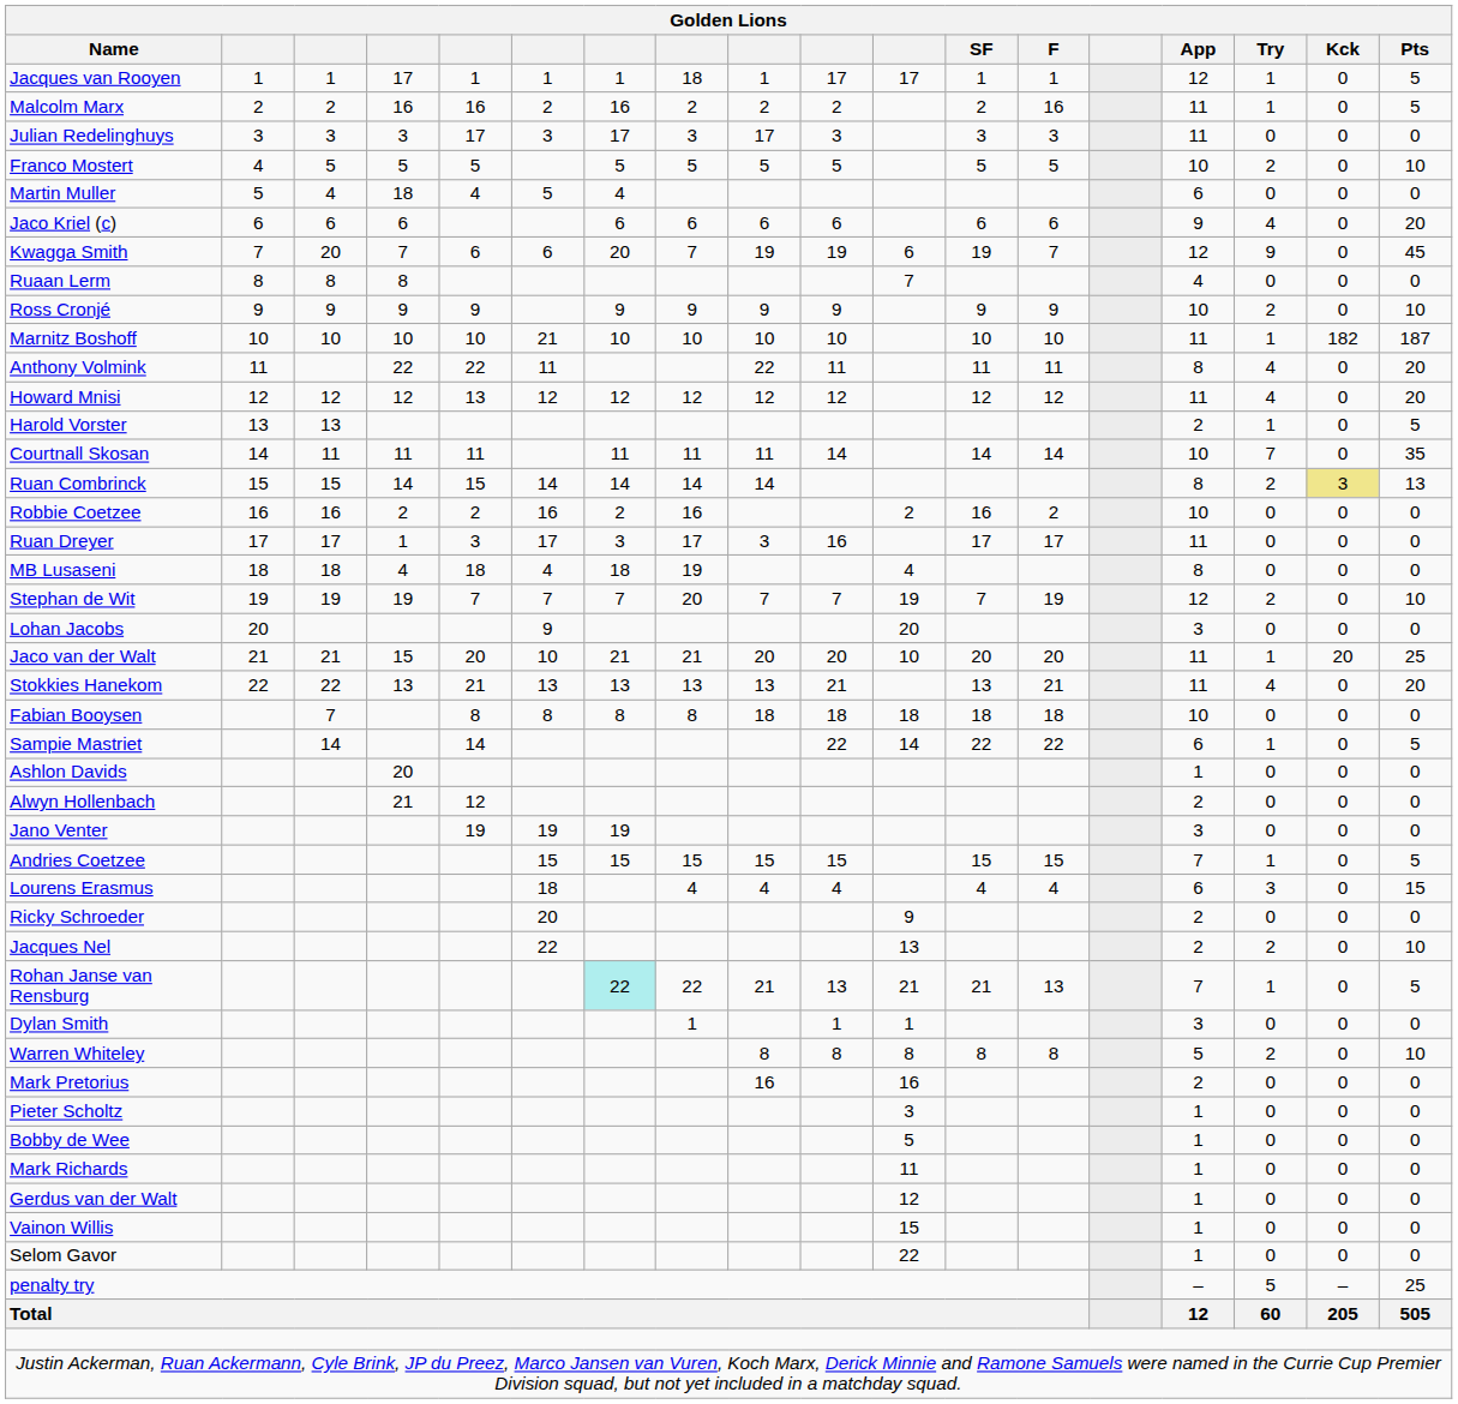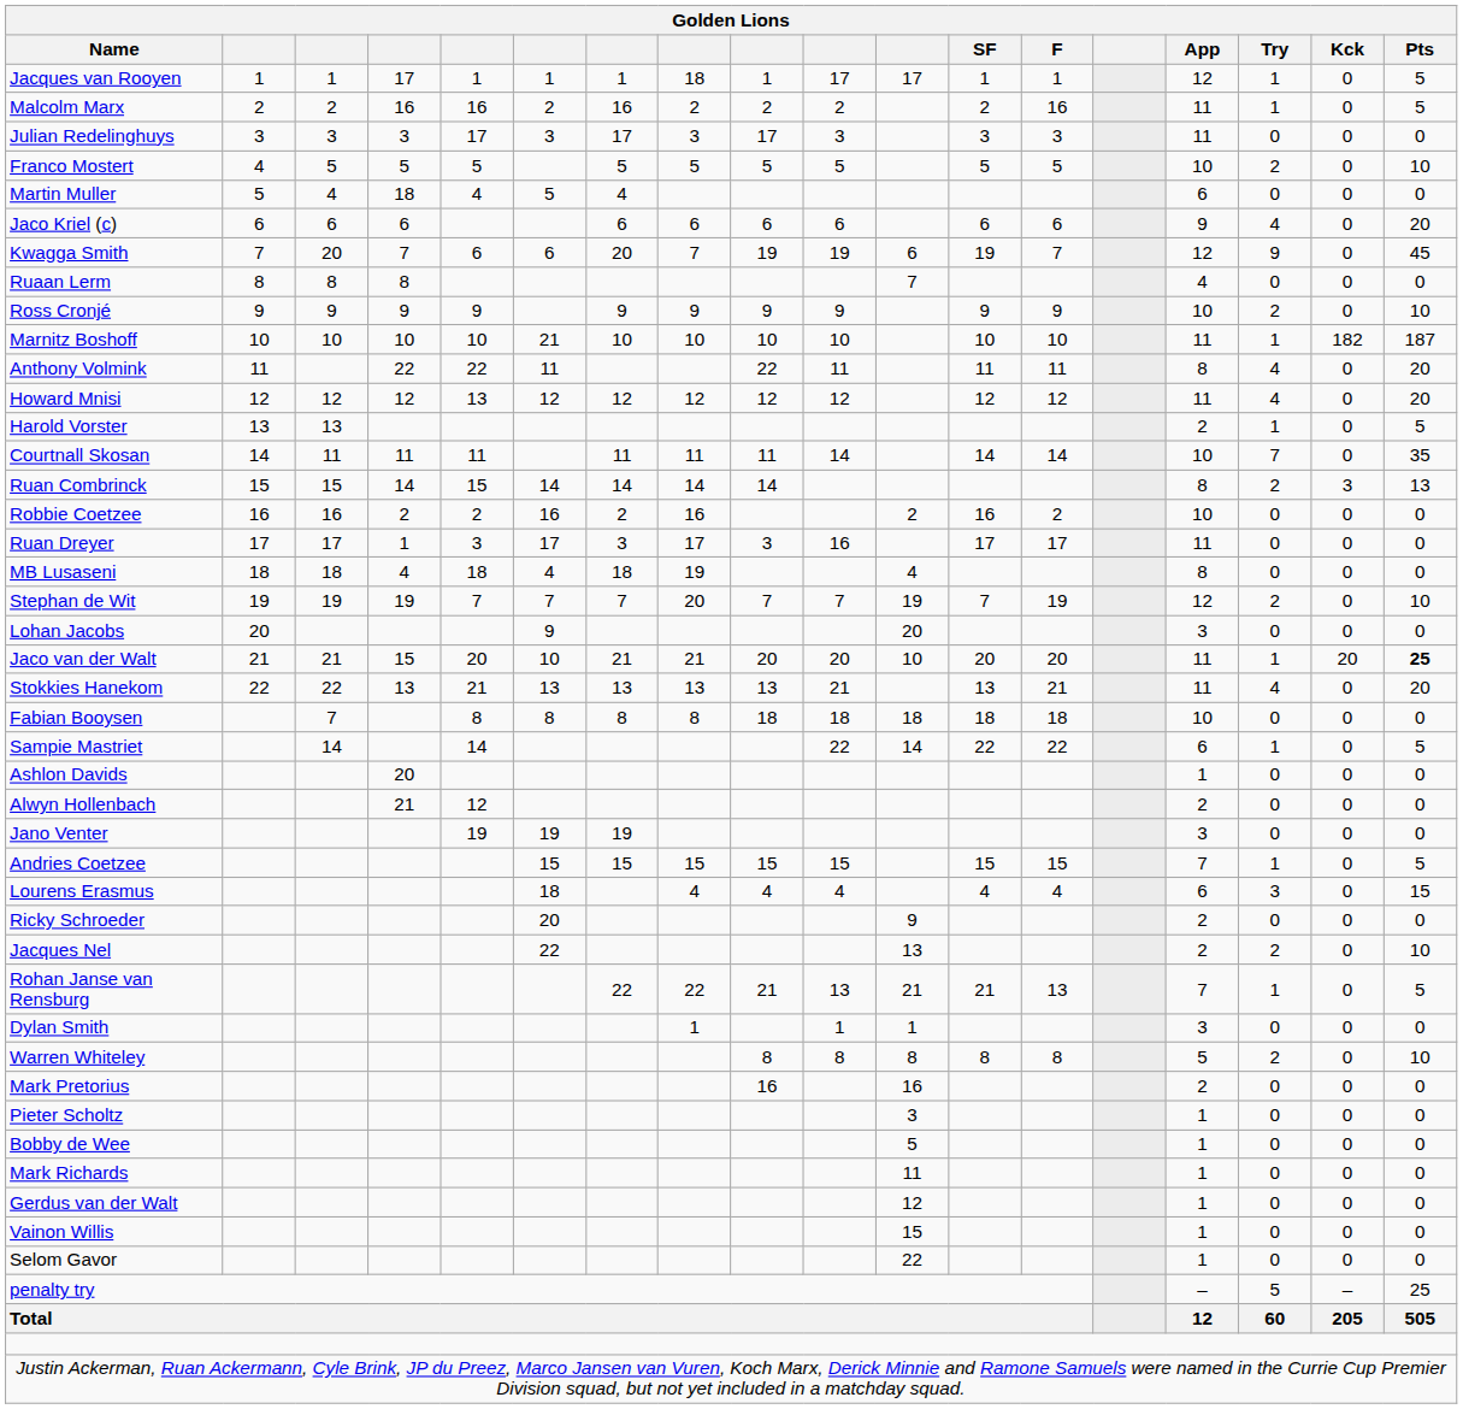 <table class="wikitable collapsible collapsed sortable" style="text-align:center; font-size:90%; width:90%">
 <tr>
 <th colspan="100%">Golden Lions</th>
 </tr>
 <tr>
 <th style="width:15%;">Name</th>
 <th style="width:5%;"></th>
 <th style="width:5%;"></th>
 <th style="width:5%;"></th>
 <th style="width:5%;"></th>
 <th style="width:5%;"></th>
 <th style="width:5%;"></th>
 <th style="width:5%;"></th>
 <th style="width:5%;"></th>
 <th style="width:5%;"></th>
 <th style="width:5%;"></th>
 <th style="width:5%;">SF</th>
 <th style="width:5%;">F</th>
 <th style="width:5%;"></th>
 <th style="width:5%;">App</th>
 <th style="width:5%;">Try</th>
 <th style="width:5%;">Kck</th>
 <th style="width:5%;">Pts</th>
 </tr>
 <tr>
 <td style="text-align:left;"><a href='#'>Jacques van Rooyen</a></td>
 <td>1</td>
 <td>1</td>
 <td>17 </td>
 <td>1</td>
 <td>1</td>
 <td>1</td>
 <td>18 </td>
 <td>1</td>
 <td>17 </td>
 <td>17 </td>
 <td>1</td>
 <td>1</td>
 <td style="background:#ECECEC;"></td>
 <td>12</td>
 <td>1</td>
 <td>0</td>
 <td>5</td>
 </tr>
 <tr>
 <td style="text-align:left;"><a href='#'>Malcolm Marx</a></td>
 <td>2</td>
 <td>2</td>
 <td>16 </td>
 <td>16 </td>
 <td>2</td>
 <td>16 </td>
 <td>2</td>
 <td>2</td>
 <td>2</td>
 <td></td>
 <td>2</td>
 <td>16 </td>
 <td style="background:#ECECEC;"></td>
 <td>11</td>
 <td>1</td>
 <td>0</td>
 <td>5</td>
 </tr>
 <tr>
 <td style="text-align:left;"><a href='#'>Julian Redelinghuys</a></td>
 <td>3</td>
 <td>3</td>
 <td>3</td>
 <td>17 </td>
 <td>3</td>
 <td>17 </td>
 <td>3</td>
 <td>17 </td>
 <td>3</td>
 <td></td>
 <td>3</td>
 <td>3</td>
 <td style="background:#ECECEC;"></td>
 <td>11</td>
 <td>0</td>
 <td>0</td>
 <td>0</td>
 </tr>
 <tr>
 <td style="text-align:left;"><a href='#'>Franco Mostert</a></td>
 <td>4</td>
 <td>5</td>
 <td>5</td>
 <td>5</td>
 <td></td>
 <td>5</td>
 <td>5</td>
 <td>5</td>
 <td>5</td>
 <td></td>
 <td>5</td>
 <td>5</td>
 <td style="background:#ECECEC;"></td>
 <td>10</td>
 <td>2</td>
 <td>0</td>
 <td>10</td>
 </tr>
 <tr>
 <td style="text-align:left;"><a href='#'>Martin Muller</a></td>
 <td>5</td>
 <td>4</td>
 <td>18 </td>
 <td>4</td>
 <td>5</td>
 <td>4</td>
 <td></td>
 <td></td>
 <td></td>
 <td></td>
 <td></td>
 <td></td>
 <td style="background:#ECECEC;"></td>
 <td>6</td>
 <td>0</td>
 <td>0</td>
 <td>0</td>
 </tr>
 <tr>
 <td style="text-align:left;"><a href='#'>Jaco Kriel</a> (<a href='#'>c</a>)</td>
 <td>6</td>
 <td>6</td>
 <td>6</td>
 <td></td>
 <td></td>
 <td>6</td>
 <td>6</td>
 <td>6</td>
 <td>6</td>
 <td></td>
 <td>6</td>
 <td>6</td>
 <td style="background:#ECECEC;"></td>
 <td>9</td>
 <td>4</td>
 <td>0</td>
 <td>20</td>
 </tr>
 <tr>
 <td style="text-align:left;"><a href='#'>Kwagga Smith</a></td>
 <td>7</td>
 <td>20 </td>
 <td>7</td>
 <td>6</td>
 <td>6</td>
 <td>20 </td>
 <td>7</td>
 <td>19 </td>
 <td>19 </td>
 <td>6</td>
 <td>19 </td>
 <td>7</td>
 <td style="background:#ECECEC;"></td>
 <td>12</td>
 <td>9</td>
 <td>0</td>
 <td>45</td>
 </tr>
 <tr>
 <td style="text-align:left;"><a href='#'>Ruaan Lerm</a></td>
 <td>8</td>
 <td>8</td>
 <td>8</td>
 <td></td>
 <td></td>
 <td></td>
 <td></td>
 <td></td>
 <td></td>
 <td>7</td>
 <td></td>
 <td></td>
 <td style="background:#ECECEC;"></td>
 <td>4</td>
 <td>0</td>
 <td>0</td>
 <td>0</td>
 </tr>
 <tr>
 <td style="text-align:left;"><a href='#'>Ross Cronjé</a></td>
 <td>9</td>
 <td>9</td>
 <td>9</td>
 <td>9</td>
 <td></td>
 <td>9</td>
 <td>9</td>
 <td>9</td>
 <td>9</td>
 <td></td>
 <td>9</td>
 <td>9</td>
 <td style="background:#ECECEC;"></td>
 <td>10</td>
 <td>2</td>
 <td>0</td>
 <td>10</td>
 </tr>
 <tr>
 <td style="text-align:left;"><a href='#'>Marnitz Boshoff</a></td>
 <td>10</td>
 <td>10</td>
 <td>10</td>
 <td>10</td>
 <td>21 </td>
 <td>10</td>
 <td>10</td>
 <td>10</td>
 <td>10</td>
 <td></td>
 <td>10</td>
 <td>10</td>
 <td style="background:#ECECEC;"></td>
 <td>11</td>
 <td>1</td>
 <td>182</td>
 <td>187</td>
 </tr>
 <tr>
 <td style="text-align:left;"><a href='#'>Anthony Volmink</a></td>
 <td>11</td>
 <td></td>
 <td>22 </td>
 <td>22 </td>
 <td>11</td>
 <td></td>
 <td></td>
 <td>22 </td>
 <td>11</td>
 <td></td>
 <td>11</td>
 <td>11</td>
 <td style="background:#ECECEC;"></td>
 <td>8</td>
 <td>4</td>
 <td>0</td>
 <td>20</td>
 </tr>
 <tr>
 <td style="text-align:left;"><a href='#'>Howard Mnisi</a></td>
 <td>12</td>
 <td>12</td>
 <td>12</td>
 <td>13</td>
 <td>12</td>
 <td>12</td>
 <td>12</td>
 <td>12</td>
 <td>12</td>
 <td></td>
 <td>12</td>
 <td>12</td>
 <td style="background:#ECECEC;"></td>
 <td>11</td>
 <td>4</td>
 <td>0</td>
 <td>20</td>
 </tr>
 <tr>
 <td style="text-align:left;"><a href='#'>Harold Vorster</a></td>
 <td>13</td>
 <td>13</td>
 <td></td>
 <td></td>
 <td></td>
 <td></td>
 <td></td>
 <td></td>
 <td></td>
 <td></td>
 <td></td>
 <td></td>
 <td style="background:#ECECEC;"></td>
 <td>2</td>
 <td>1</td>
 <td>0</td>
 <td>5</td>
 </tr>
 <tr>
 <td style="text-align:left;"><a href='#'>Courtnall Skosan</a></td>
 <td>14</td>
 <td>11</td>
 <td>11</td>
 <td>11</td>
 <td></td>
 <td>11</td>
 <td>11</td>
 <td>11</td>
 <td>14</td>
 <td></td>
 <td>14</td>
 <td>14</td>
 <td style="background:#ECECEC;"></td>
 <td>10</td>
 <td>7</td>
 <td>0</td>
 <td>35</td>
 </tr>
 <tr>
 <td style="text-align:left;"><a href='#'>Ruan Combrinck</a></td>
 <td>15</td>
 <td>15</td>
 <td>14</td>
 <td>15</td>
 <td>14</td>
 <td>14</td>
 <td>14</td>
 <td>14</td>
 <td></td>
 <td></td>
 <td></td>
 <td></td>
 <td style="background:#ECECEC;"></td>
 <td>8</td>
 <td>2</td>
-<td style="background: khaki;">3</td>
+<td>3</td>
 <td>13</td>
 </tr>
 <tr>
 <td style="text-align:left;"><a href='#'>Robbie Coetzee</a></td>
 <td>16 </td>
 <td>16 </td>
 <td>2</td>
 <td>2</td>
 <td>16 </td>
 <td>2</td>
 <td>16 </td>
 <td></td>
 <td></td>
 <td>2</td>
 <td>16 </td>
 <td>2</td>
 <td style="background:#ECECEC;"></td>
 <td>10</td>
 <td>0</td>
 <td>0</td>
 <td>0</td>
 </tr>
 <tr>
 <td style="text-align:left;"><a href='#'>Ruan Dreyer</a></td>
 <td>17 </td>
 <td>17 </td>
 <td>1</td>
 <td>3</td>
 <td>17 </td>
 <td>3</td>
 <td>17 </td>
 <td>3</td>
 <td>16 </td>
 <td></td>
 <td>17 </td>
 <td>17 </td>
 <td style="background:#ECECEC;"></td>
 <td>11</td>
 <td>0</td>
 <td>0</td>
 <td>0</td>
 </tr>
 <tr>
 <td style="text-align:left;"><a href='#'>MB Lusaseni</a></td>
 <td>18 </td>
 <td>18 </td>
 <td>4</td>
 <td>18 </td>
 <td>4</td>
 <td>18 </td>
 <td>19 </td>
 <td></td>
 <td></td>
 <td>4</td>
 <td></td>
 <td></td>
 <td style="background:#ECECEC;"></td>
 <td>8</td>
 <td>0</td>
 <td>0</td>
 <td>0</td>
 </tr>
 <tr>
 <td style="text-align:left;"><a href='#'>Stephan de Wit</a></td>
 <td>19 </td>
 <td>19 </td>
 <td>19 </td>
 <td>7</td>
 <td>7</td>
 <td>7</td>
 <td>20 </td>
 <td>7</td>
 <td>7</td>
 <td>19 </td>
 <td>7</td>
 <td>19 </td>
 <td style="background:#ECECEC;"></td>
 <td>12</td>
 <td>2</td>
 <td>0</td>
 <td>10</td>
 </tr>
 <tr>
 <td style="text-align:left;"><a href='#'>Lohan Jacobs</a></td>
 <td>20 </td>
 <td></td>
 <td></td>
 <td></td>
 <td>9</td>
 <td></td>
 <td></td>
 <td></td>
 <td></td>
 <td>20 </td>
 <td></td>
 <td></td>
 <td style="background:#ECECEC;"></td>
 <td>3</td>
 <td>0</td>
 <td>0</td>
 <td>0</td>
 </tr>
 <tr>
 <td style="text-align:left;"><a href='#'>Jaco van der Walt</a></td>
 <td>21 </td>
 <td>21 </td>
 <td>15</td>
 <td>20 </td>
 <td>10</td>
 <td>21</td>
 <td>21 </td>
 <td>20 </td>
 <td>20 </td>
 <td>10</td>
 <td>20 </td>
 <td>20 </td>
 <td style="background:#ECECEC;"></td>
 <td>11</td>
 <td>1</td>
 <td>20</td>
-<td>25</td>
+<td><strong>25</strong></td>
 </tr>
 <tr>
 <td style="text-align:left;"><a href='#'>Stokkies Hanekom</a></td>
 <td>22 </td>
 <td>22 </td>
 <td>13</td>
 <td>21 </td>
 <td>13</td>
 <td>13</td>
 <td>13</td>
 <td>13</td>
 <td>21 </td>
 <td></td>
 <td>13</td>
 <td>21 </td>
 <td style="background:#ECECEC;"></td>
 <td>11</td>
 <td>4</td>
 <td>0</td>
 <td>20</td>
 </tr>
 <tr>
 <td style="text-align:left;"><a href='#'>Fabian Booysen</a></td>
 <td></td>
 <td>7</td>
 <td></td>
 <td>8</td>
 <td>8</td>
 <td>8</td>
 <td>8</td>
 <td>18 </td>
 <td>18 </td>
 <td>18 </td>
 <td>18 </td>
 <td>18 </td>
 <td style="background:#ECECEC;"></td>
 <td>10</td>
 <td>0</td>
 <td>0</td>
 <td>0</td>
 </tr>
 <tr>
 <td style="text-align:left;"><a href='#'>Sampie Mastriet</a></td>
 <td></td>
 <td>14</td>
 <td></td>
 <td>14</td>
 <td></td>
 <td></td>
 <td></td>
 <td></td>
 <td>22 </td>
 <td>14</td>
 <td>22 </td>
 <td>22 </td>
 <td style="background:#ECECEC;"></td>
 <td>6</td>
 <td>1</td>
 <td>0</td>
 <td>5</td>
 </tr>
 <tr>
 <td style="text-align:left;"><a href='#'>Ashlon Davids</a></td>
 <td></td>
 <td></td>
 <td>20 </td>
 <td></td>
 <td></td>
 <td></td>
 <td></td>
 <td></td>
 <td></td>
 <td></td>
 <td></td>
 <td></td>
 <td style="background:#ECECEC;"></td>
 <td>1</td>
 <td>0</td>
 <td>0</td>
 <td>0</td>
 </tr>
 <tr>
 <td style="text-align:left;"><a href='#'>Alwyn Hollenbach</a></td>
 <td></td>
 <td></td>
 <td>21 </td>
 <td>12</td>
 <td></td>
 <td></td>
 <td></td>
 <td></td>
 <td></td>
 <td></td>
 <td></td>
 <td></td>
 <td style="background:#ECECEC;"></td>
 <td>2</td>
 <td>0</td>
 <td>0</td>
 <td>0</td>
 </tr>
 <tr>
 <td style="text-align:left;"><a href='#'>Jano Venter</a></td>
 <td></td>
 <td></td>
 <td></td>
 <td>19 </td>
 <td>19 </td>
 <td>19 </td>
 <td></td>
 <td></td>
 <td></td>
 <td></td>
 <td></td>
 <td></td>
 <td style="background:#ECECEC;"></td>
 <td>3</td>
 <td>0</td>
 <td>0</td>
 <td>0</td>
 </tr>
 <tr>
 <td style="text-align:left;"><a href='#'>Andries Coetzee</a></td>
 <td></td>
 <td></td>
 <td></td>
 <td></td>
 <td>15</td>
 <td>15</td>
 <td>15</td>
 <td>15</td>
 <td>15</td>
 <td></td>
 <td>15</td>
 <td>15</td>
 <td style="background:#ECECEC;"></td>
 <td>7</td>
 <td>1</td>
 <td>0</td>
 <td>5</td>
 </tr>
 <tr>
 <td style="text-align:left;"><a href='#'>Lourens Erasmus</a></td>
 <td></td>
 <td></td>
 <td></td>
 <td></td>
 <td>18 </td>
 <td></td>
 <td>4</td>
 <td>4</td>
 <td>4</td>
 <td></td>
 <td>4</td>
 <td>4</td>
 <td style="background:#ECECEC;"></td>
 <td>6</td>
 <td>3</td>
 <td>0</td>
 <td>15</td>
 </tr>
 <tr>
 <td style="text-align:left;"><a href='#'>Ricky Schroeder</a></td>
 <td></td>
 <td></td>
 <td></td>
 <td></td>
 <td>20 </td>
 <td></td>
 <td></td>
 <td></td>
 <td></td>
 <td>9</td>
 <td></td>
 <td></td>
 <td style="background:#ECECEC;"></td>
 <td>2</td>
 <td>0</td>
 <td>0</td>
 <td>0</td>
 </tr>
 <tr>
 <td style="text-align:left;"><a href='#'>Jacques Nel</a></td>
 <td></td>
 <td></td>
 <td></td>
 <td></td>
 <td>22 </td>
 <td></td>
 <td></td>
 <td></td>
 <td></td>
 <td>13</td>
 <td></td>
 <td></td>
 <td style="background:#ECECEC;"></td>
 <td>2</td>
 <td>2</td>
 <td>0</td>
 <td>10</td>
 </tr>
 <tr>
 <td style="text-align:left;"><a href='#'>Rohan Janse van Rensburg</a></td>
 <td></td>
 <td></td>
 <td></td>
 <td></td>
 <td></td>
-<td style="background: paleturquoise;">22 </td>
+<td>22 </td>
 <td>22 </td>
 <td>21 </td>
 <td>13</td>
 <td>21 </td>
 <td>21 </td>
 <td>13</td>
 <td style="background:#ECECEC;"></td>
 <td>7</td>
 <td>1</td>
 <td>0</td>
 <td>5</td>
 </tr>
 <tr>
 <td style="text-align:left;"><a href='#'>Dylan Smith</a></td>
 <td></td>
 <td></td>
 <td></td>
 <td></td>
 <td></td>
 <td></td>
 <td>1</td>
 <td></td>
 <td>1</td>
 <td>1</td>
 <td></td>
 <td></td>
 <td style="background:#ECECEC;"></td>
 <td>3</td>
 <td>0</td>
 <td>0</td>
 <td>0</td>
 </tr>
 <tr>
 <td style="text-align:left;"><a href='#'>Warren Whiteley</a></td>
 <td></td>
 <td></td>
 <td></td>
 <td></td>
 <td></td>
 <td></td>
 <td></td>
 <td>8</td>
 <td>8</td>
 <td>8</td>
 <td>8</td>
 <td>8</td>
 <td style="background:#ECECEC;"></td>
 <td>5</td>
 <td>2</td>
 <td>0</td>
 <td>10</td>
 </tr>
 <tr>
 <td style="text-align:left;"><a href='#'>Mark Pretorius</a></td>
 <td></td>
 <td></td>
 <td></td>
 <td></td>
 <td></td>
 <td></td>
 <td></td>
 <td>16 </td>
 <td></td>
 <td>16 </td>
 <td></td>
 <td></td>
 <td style="background:#ECECEC;"></td>
 <td>2</td>
 <td>0</td>
 <td>0</td>
 <td>0</td>
 </tr>
 <tr>
 <td style="text-align:left;"><a href='#'>Pieter Scholtz</a></td>
 <td></td>
 <td></td>
 <td></td>
 <td></td>
 <td></td>
 <td></td>
 <td></td>
 <td></td>
 <td></td>
 <td>3</td>
 <td></td>
 <td></td>
 <td style="background:#ECECEC;"></td>
 <td>1</td>
 <td>0</td>
 <td>0</td>
 <td>0</td>
 </tr>
 <tr>
 <td style="text-align:left;"><a href='#'>Bobby de Wee</a></td>
 <td></td>
 <td></td>
 <td></td>
 <td></td>
 <td></td>
 <td></td>
 <td></td>
 <td></td>
 <td></td>
 <td>5</td>
 <td></td>
 <td></td>
 <td style="background:#ECECEC;"></td>
 <td>1</td>
 <td>0</td>
 <td>0</td>
 <td>0</td>
 </tr>
 <tr>
 <td style="text-align:left;"><a href='#'>Mark Richards</a></td>
 <td></td>
 <td></td>
 <td></td>
 <td></td>
 <td></td>
 <td></td>
 <td></td>
 <td></td>
 <td></td>
 <td>11</td>
 <td></td>
 <td></td>
 <td style="background:#ECECEC;"></td>
 <td>1</td>
 <td>0</td>
 <td>0</td>
 <td>0</td>
 </tr>
 <tr>
 <td style="text-align:left;"><a href='#'>Gerdus van der Walt</a></td>
 <td></td>
 <td></td>
 <td></td>
 <td></td>
 <td></td>
 <td></td>
 <td></td>
 <td></td>
 <td></td>
 <td>12</td>
 <td></td>
 <td></td>
 <td style="background:#ECECEC;"></td>
 <td>1</td>
 <td>0</td>
 <td>0</td>
 <td>0</td>
 </tr>
 <tr>
 <td style="text-align:left;"><a href='#'>Vainon Willis</a></td>
 <td></td>
 <td></td>
 <td></td>
 <td></td>
 <td></td>
 <td></td>
 <td></td>
 <td></td>
 <td></td>
 <td>15</td>
 <td></td>
 <td></td>
 <td style="background:#ECECEC;"></td>
 <td>1</td>
 <td>0</td>
 <td>0</td>
 <td>0</td>
 </tr>
 <tr>
 <td style="text-align:left;">Selom Gavor</td>
 <td></td>
 <td></td>
 <td></td>
 <td></td>
 <td></td>
 <td></td>
 <td></td>
 <td></td>
 <td></td>
 <td>22 </td>
 <td></td>
 <td></td>
 <td style="background:#ECECEC;"></td>
 <td>1</td>
 <td>0</td>
 <td>0</td>
 <td>0</td>
 </tr>
 <tr>
 <td colspan="13" style="text-align:left;"><a href='#'>penalty try</a></td>
 <td style="background:#ECECEC;"></td>
 <td>–</td>
 <td>5</td>
 <td>–</td>
 <td>25</td>
 </tr>
 <tr>
 <th colspan="13" style="text-align:left;">Total</th>
 <th style="background:#ECECEC;"></th>
 <th>12</th>
 <th>60</th>
 <th>205</th>
 <th>505</th>
 </tr>
 <tr>
 <td colspan="100%" style="height: 10px;"></td>
 </tr>
 <tr>
 <td colspan="100%" style="text-align:center;"><em>Justin Ackerman, <a href='#'>Ruan Ackermann</a>, <a href='#'>Cyle Brink</a>, <a href='#'>JP du Preez</a>, <a href='#'>Marco Jansen van Vuren</a>, Koch Marx, <a href='#'>Derick Minnie</a> and <a href='#'>Ramone Samuels</a> were named in the Currie Cup Premier Division squad, but not yet included in a matchday squad.</em></td>
 </tr>
 </table>
